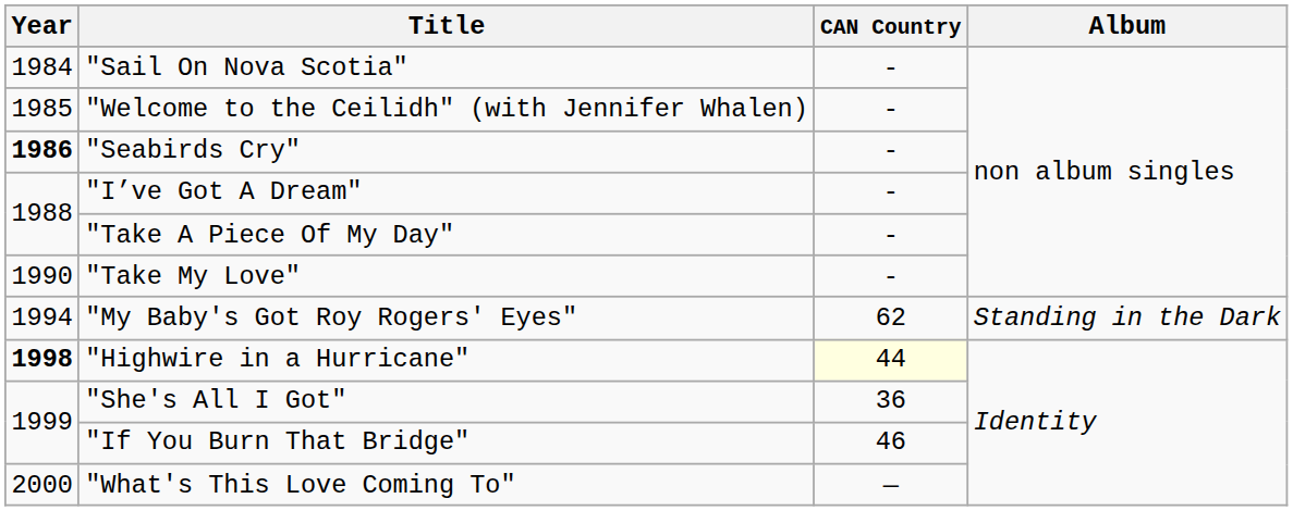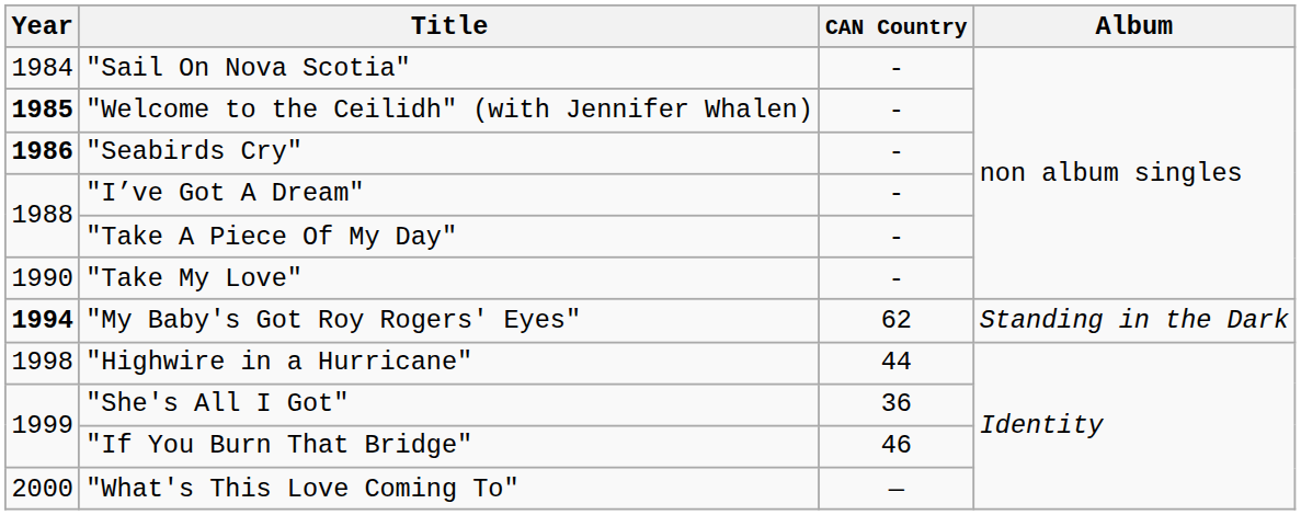 <table class="wikitable">
 <tr>
 <th>Year</th>
 <th>Title</th>
 <th><small>CAN Country</small></th>
 <th>Album</th>
 </tr>
 <tr>
 <td>1984</td>
 <td>"Sail On Nova Scotia"</td>
 <td style="text-align:center;">-</td>
 <td rowspan="6”">non album singles</td>
 </tr>
 <tr>
-<td>1985</td>
+<td><strong>1985</strong></td>
 <td>"Welcome to the Ceilidh" (with Jennifer Whalen)</td>
 <td style="text-align:center;">-</td>
 </tr>
 <tr>
 <td><strong>1986</strong></td>
 <td>"Seabirds Cry"</td>
 <td style="text-align:center;">-</td>
 </tr>
 <tr>
 <td rowspan="2">1988</td>
 <td>"I’ve Got A Dream"</td>
 <td style="text-align:center;">-</td>
 </tr>
 <tr>
 <td>"Take A Piece Of My Day"</td>
 <td style="text-align:center;">-</td>
 </tr>
 <tr>
 <td>1990</td>
 <td>"Take My Love"</td>
 <td style="text-align:center;">-</td>
 </tr>
 <tr>
-<td>1994</td>
+<td><strong>1994</strong></td>
 <td>"My Baby's Got Roy Rogers' Eyes"</td>
 <td style="text-align:center;">62</td>
 <td><em>Standing in the Dark</em></td>
 </tr>
 <tr>
-<td><strong>1998</strong></td>
+<td>1998</td>
 <td>"Highwire in a Hurricane"</td>
-<td style="background: lightyellow; text-align:center;">44</td>
+<td style="text-align:center;">44</td>
 <td rowspan="4"><em>Identity</em></td>
 </tr>
 <tr>
 <td rowspan="2">1999</td>
 <td>"She's All I Got"</td>
 <td style="text-align:center;">36</td>
 </tr>
 <tr>
 <td>"If You Burn That Bridge"</td>
 <td style="text-align:center;">46</td>
 </tr>
 <tr>
 <td>2000</td>
 <td>"What's This Love Coming To"</td>
 <td style="text-align:center;">—</td>
 </tr>
 </table>
